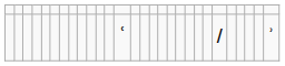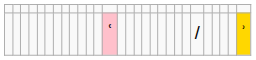 <table class="wikitable" style="line-height:180%;font-size:larger">
 <tr>
 <td></td>
 <td></td>
 <td></td>
 <td></td>
 <td></td>
 <td></td>
 <td></td>
 <td></td>
 <td></td>
 <td></td>
 <td></td>
 <td></td>
 <td></td>
 <td></td>
 <td></td>
 <td></td>
 <td></td>
 <td></td>
 <td></td>
 <td></td>
 <td></td>
 <td></td>
 <td></td>
 <td></td>
 <td></td>
 <td></td>
 <td></td>
 <td></td>
 </tr>
 <tr>
 <td></td>
 <td></td>
 <td></td>
 <td></td>
 <td></td>
 <td></td>
 <td></td>
 <td></td>
 <td></td>
 <td></td>
 <td></td>
 <td></td>
-<td><big>ʿ</big></td>
+<td style="background: pink;"><big>ʿ</big></td>
 <td></td>
 <td></td>
 <td></td>
 <td></td>
 <td></td>
 <td></td>
 <td></td>
 <td></td>
 <td></td>
 <td>/</td>
 <td></td>
 <td></td>
 <td></td>
 <td></td>
-<td>ʾ</td>
+<td style="background: gold;">ʾ</td>
 </tr>
 </table>
